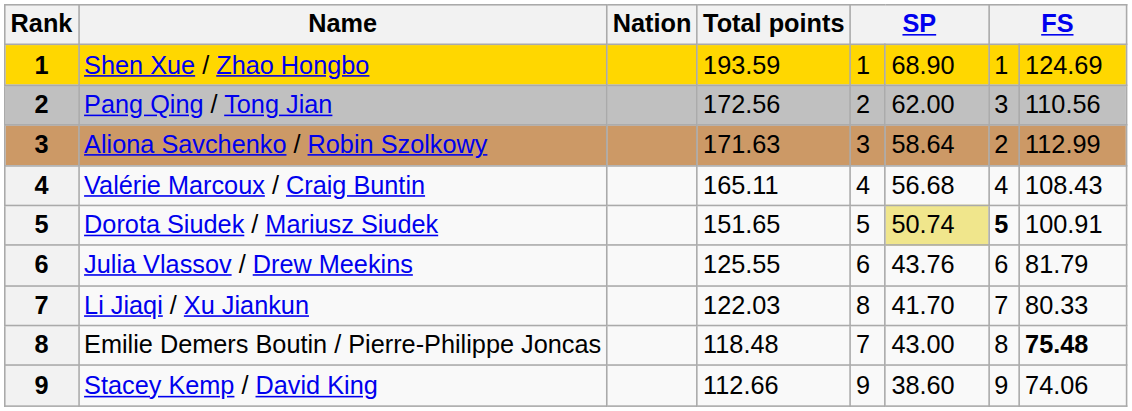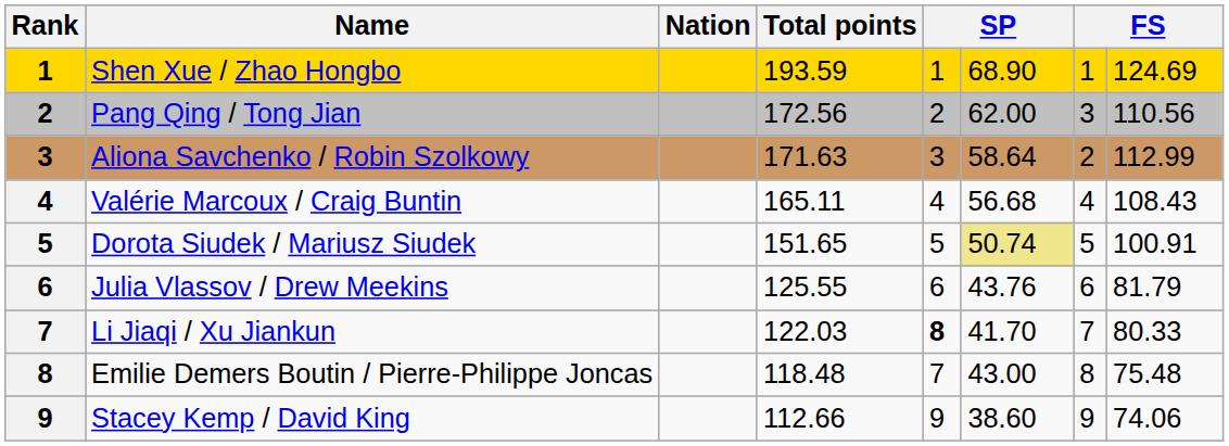 <table class="wikitable">
 <tr>
 <th>Rank</th>
 <th>Name</th>
 <th>Nation</th>
 <th>Total points</th>
 <th colspan="2" width="80px"><a href='#'>SP</a></th>
 <th colspan="2" width="80px"><a href='#'>FS</a></th>
 </tr>
 <tr bgcolor="gold">
 <td align="center"><strong>1</strong></td>
 <td><a href='#'>Shen Xue</a> / <a href='#'>Zhao Hongbo</a></td>
 <td></td>
 <td>193.59</td>
 <td>1</td>
 <td>68.90</td>
 <td>1</td>
 <td>124.69</td>
 </tr>
 <tr bgcolor="silver">
 <td align="center"><strong>2</strong></td>
 <td><a href='#'>Pang Qing</a> / <a href='#'>Tong Jian</a></td>
 <td></td>
 <td>172.56</td>
 <td>2</td>
 <td>62.00</td>
 <td>3</td>
 <td>110.56</td>
 </tr>
 <tr bgcolor="cc9966">
 <td align="center"><strong>3</strong></td>
 <td><a href='#'>Aliona Savchenko</a> / <a href='#'>Robin Szolkowy</a></td>
 <td></td>
 <td>171.63</td>
 <td>3</td>
 <td>58.64</td>
 <td>2</td>
 <td>112.99</td>
 </tr>
 <tr>
 <th>4</th>
 <td><a href='#'>Valérie Marcoux</a> / <a href='#'>Craig Buntin</a></td>
 <td></td>
 <td>165.11</td>
 <td>4</td>
 <td>56.68</td>
 <td>4</td>
 <td>108.43</td>
 </tr>
 <tr>
 <th>5</th>
 <td><a href='#'>Dorota Siudek</a> / <a href='#'>Mariusz Siudek</a></td>
 <td></td>
 <td>151.65</td>
 <td>5</td>
 <td style="background: khaki;">50.74</td>
-<td><strong>5</strong></td>
+<td>5</td>
 <td>100.91</td>
 </tr>
 <tr>
 <th>6</th>
 <td><a href='#'>Julia Vlassov</a> / <a href='#'>Drew Meekins</a></td>
 <td></td>
 <td>125.55</td>
 <td>6</td>
 <td>43.76</td>
 <td>6</td>
 <td>81.79</td>
 </tr>
 <tr>
 <th>7</th>
 <td><a href='#'>Li Jiaqi</a> / <a href='#'>Xu Jiankun</a></td>
 <td></td>
 <td>122.03</td>
-<td>8</td>
+<td><strong>8</strong></td>
 <td>41.70</td>
 <td>7</td>
 <td>80.33</td>
 </tr>
 <tr>
 <th>8</th>
 <td>Emilie Demers Boutin / Pierre-Philippe Joncas</td>
 <td></td>
 <td>118.48</td>
 <td>7</td>
 <td>43.00</td>
 <td>8</td>
-<td><strong>75.48</strong></td>
+<td>75.48</td>
 </tr>
 <tr>
 <th>9</th>
 <td><a href='#'>Stacey Kemp</a> / <a href='#'>David King</a></td>
 <td></td>
 <td>112.66</td>
 <td>9</td>
 <td>38.60</td>
 <td>9</td>
 <td>74.06</td>
 </tr>
 </table>
